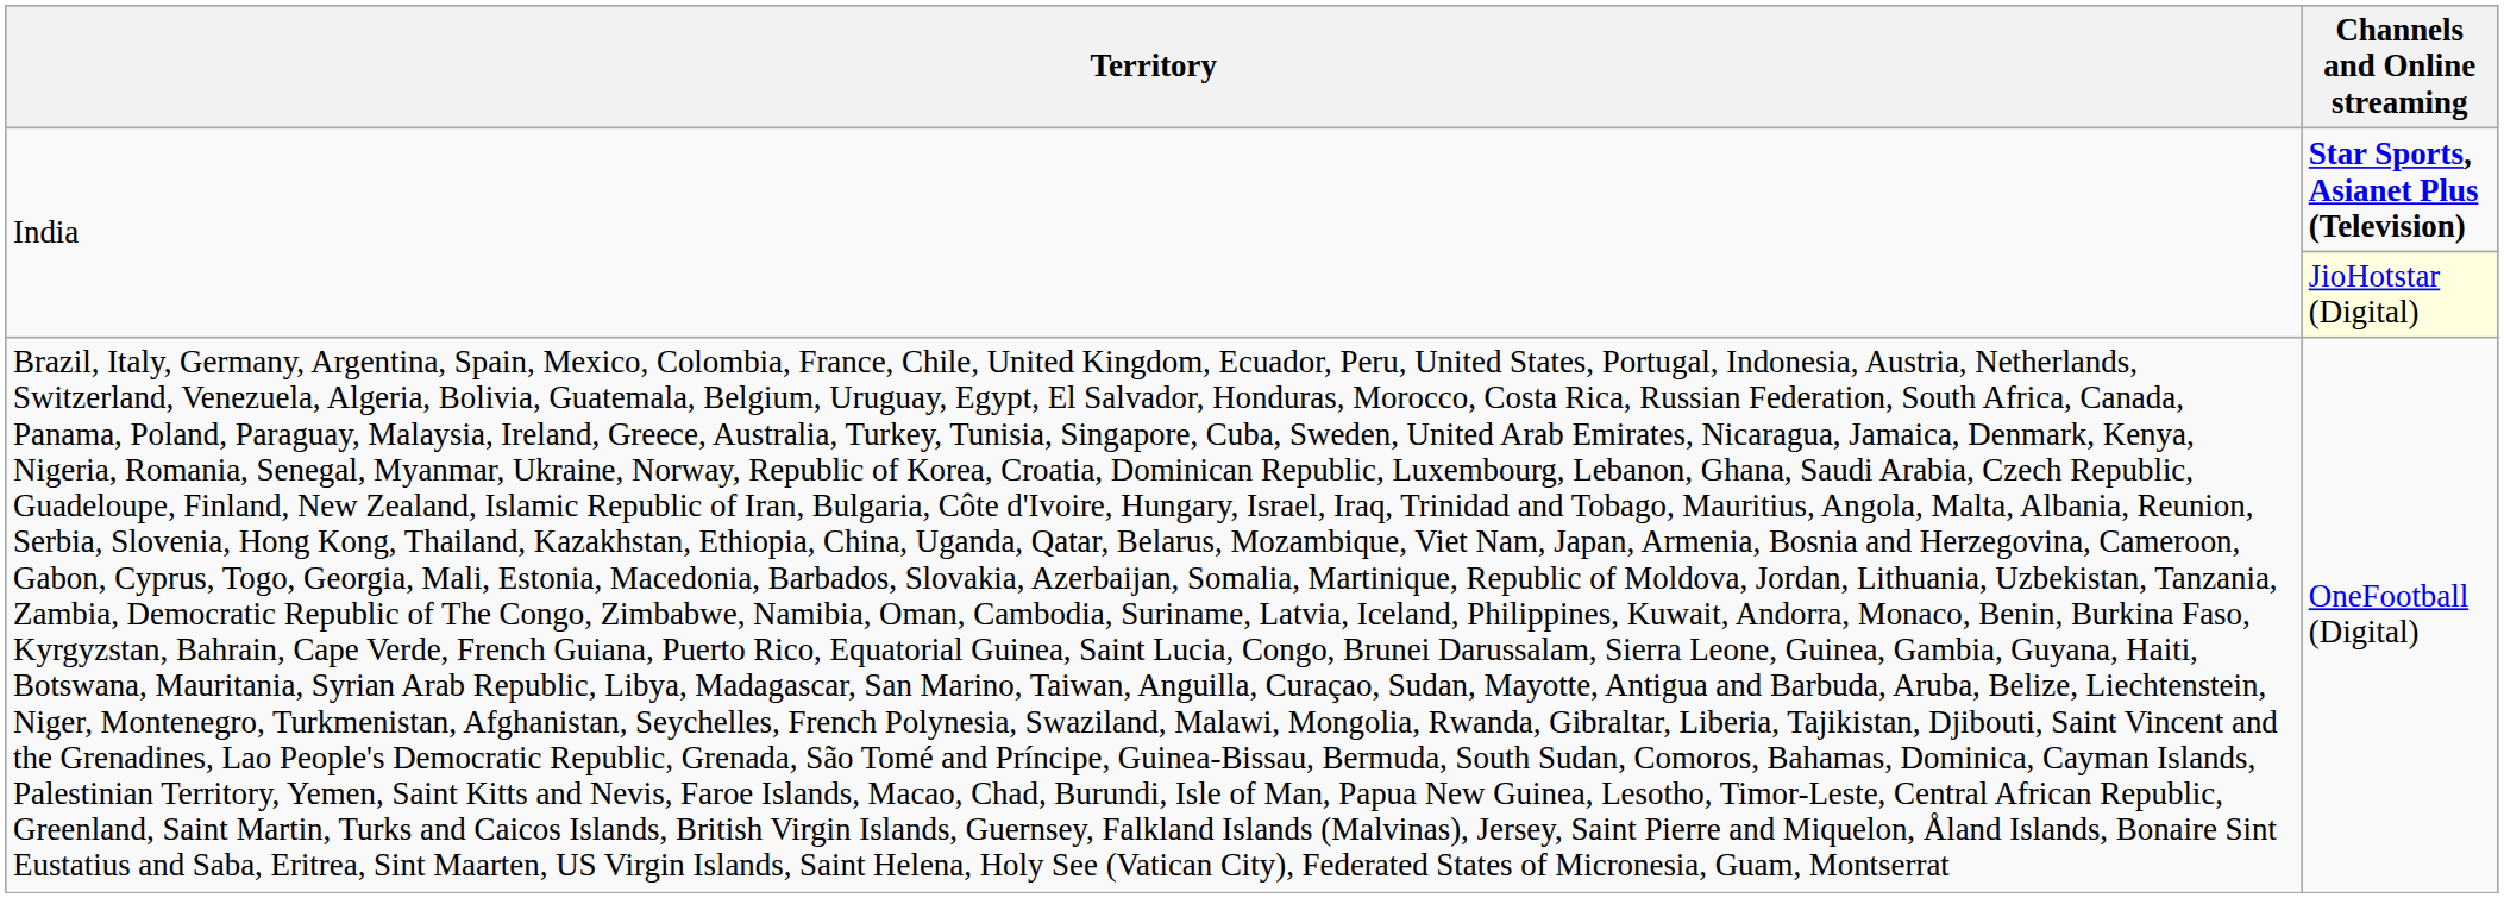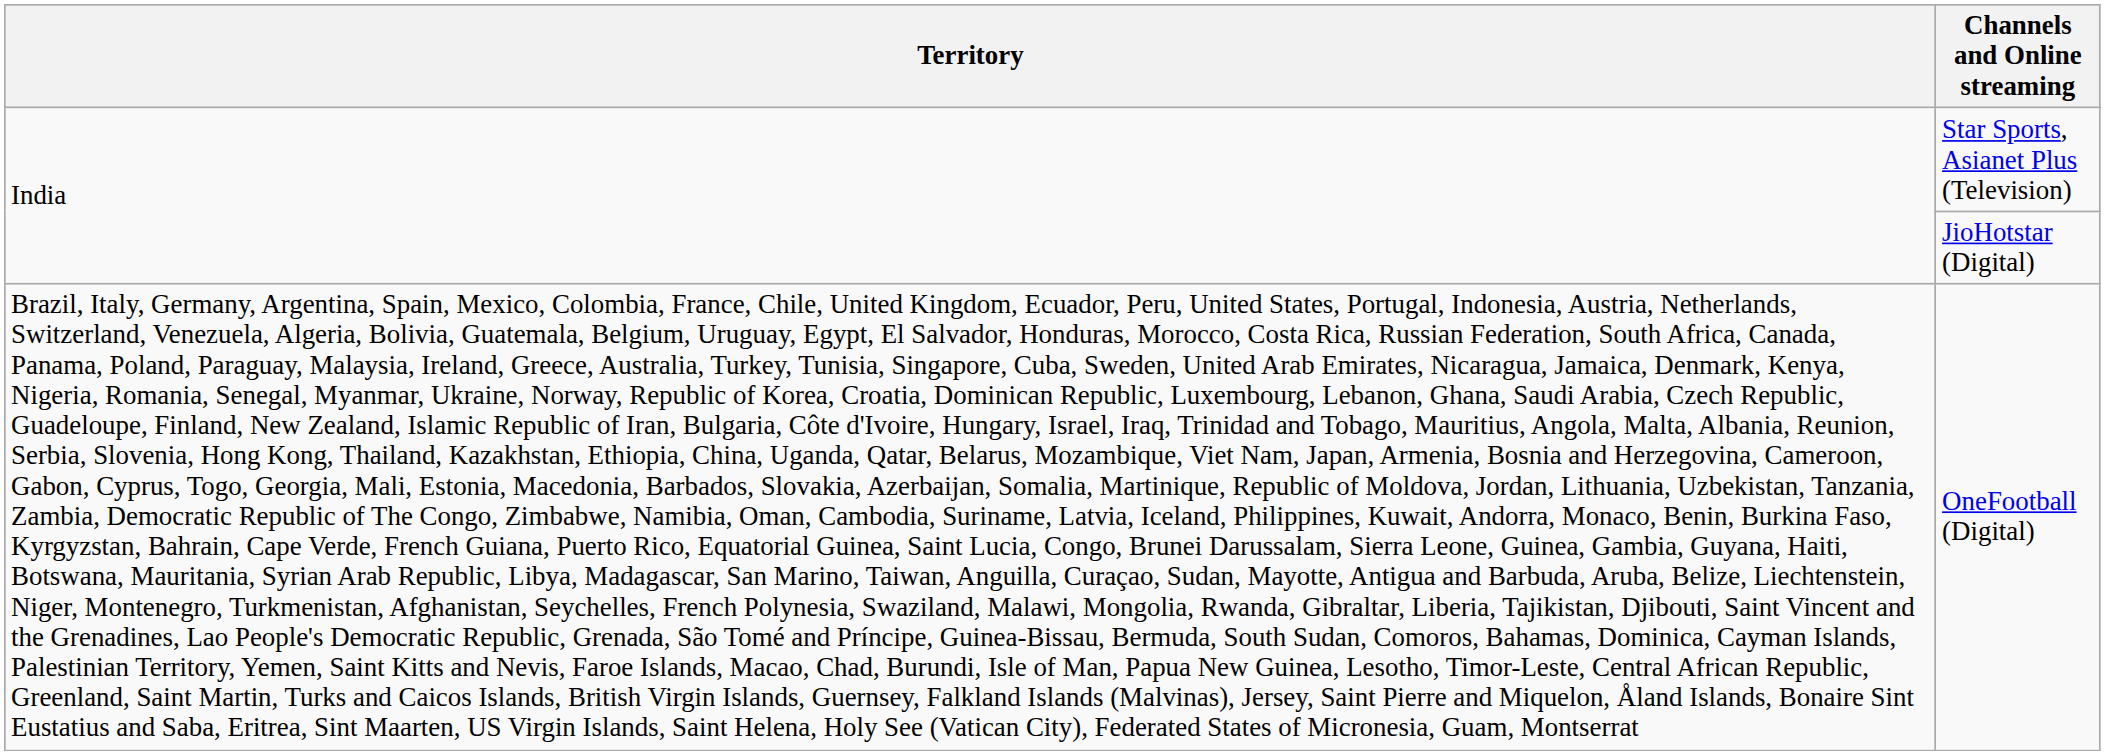 <table class="wikitable">
 <tr>
 <th>Territory</th>
 <th>Channels and Online streaming</th>
 </tr>
 <tr>
 <td rowspan="2">India</td>
-<td><strong><a href='#'>Star Sports</a>, <a href='#'>Asianet Plus</a> (Television)</strong></td>
+<td><a href='#'>Star Sports</a>, <a href='#'>Asianet Plus</a> (Television)</td>
 </tr>
 <tr>
-<td style="background: lightyellow;"><a href='#'>JioHotstar</a> (Digital)</td>
+<td><a href='#'>JioHotstar</a> (Digital)</td>
 </tr>
 <tr>
 <td>Brazil, Italy, Germany, Argentina, Spain, Mexico, Colombia, France, Chile, United Kingdom, Ecuador, Peru, United States, Portugal, Indonesia, Austria, Netherlands, Switzerland, Venezuela, Algeria, Bolivia, Guatemala, Belgium, Uruguay, Egypt, El Salvador, Honduras, Morocco, Costa Rica, Russian Federation, South Africa, Canada, Panama, Poland, Paraguay, Malaysia, Ireland, Greece, Australia, Turkey, Tunisia, Singapore, Cuba, Sweden, United Arab Emirates, Nicaragua, Jamaica, Denmark, Kenya, Nigeria, Romania, Senegal, Myanmar, Ukraine, Norway, Republic of Korea, Croatia, Dominican Republic, Luxembourg, Lebanon, Ghana, Saudi Arabia, Czech Republic, Guadeloupe, Finland, New Zealand, Islamic Republic of Iran, Bulgaria, Côte d'Ivoire, Hungary, Israel, Iraq, Trinidad and Tobago, Mauritius, Angola, Malta, Albania, Reunion, Serbia, Slovenia, Hong Kong, Thailand, Kazakhstan, Ethiopia, China, Uganda, Qatar, Belarus, Mozambique, Viet Nam, Japan, Armenia, Bosnia and Herzegovina, Cameroon, Gabon, Cyprus, Togo, Georgia, Mali, Estonia, Macedonia, Barbados, Slovakia, Azerbaijan, Somalia, Martinique, Republic of Moldova, Jordan, Lithuania, Uzbekistan, Tanzania, Zambia, Democratic Republic of The Congo, Zimbabwe, Namibia, Oman, Cambodia, Suriname, Latvia, Iceland, Philippines, Kuwait, Andorra, Monaco, Benin, Burkina Faso, Kyrgyzstan, Bahrain, Cape Verde, French Guiana, Puerto Rico, Equatorial Guinea, Saint Lucia, Congo, Brunei Darussalam, Sierra Leone, Guinea, Gambia, Guyana, Haiti, Botswana, Mauritania, Syrian Arab Republic, Libya, Madagascar, San Marino, Taiwan, Anguilla, Curaçao, Sudan, Mayotte, Antigua and Barbuda, Aruba, Belize, Liechtenstein, Niger, Montenegro, Turkmenistan, Afghanistan, Seychelles, French Polynesia, Swaziland, Malawi, Mongolia, Rwanda, Gibraltar, Liberia, Tajikistan, Djibouti, Saint Vincent and the Grenadines, Lao People's Democratic Republic, Grenada, São Tomé and Príncipe, Guinea-Bissau, Bermuda, South Sudan, Comoros, Bahamas, Dominica, Cayman Islands, Palestinian Territory, Yemen, Saint Kitts and Nevis, Faroe Islands, Macao, Chad, Burundi, Isle of Man, Papua New Guinea, Lesotho, Timor-Leste, Central African Republic, Greenland, Saint Martin, Turks and Caicos Islands, British Virgin Islands, Guernsey, Falkland Islands (Malvinas), Jersey, Saint Pierre and Miquelon, Åland Islands, Bonaire Sint Eustatius and Saba, Eritrea, Sint Maarten, US Virgin Islands, Saint Helena, Holy See (Vatican City), Federated States of Micronesia, Guam, Montserrat</td>
 <td><a href='#'>OneFootball</a> (Digital)</td>
 </tr>
 <tr>
 </tr>
 </table>
